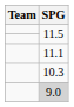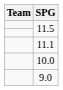 <table class=wikitable>
 <tr>
 <th>Team</th>
 <th>SPG</th>
 </tr>
 <tr>
 <td></td>
 <td align=center rowspan=2>11.5</td>
 </tr>
 <tr>
 <td></td>
 </tr>
 <tr>
 <td></td>
 <td align=center>11.1</td>
 </tr>
 <tr>
 <td></td>
-<td align=center>10.3</td>
+<td align=center>10.0</td>
 </tr>
 <tr>
 <td></td>
-<td align=center style="background: lightgrey;">9.0</td>
+<td align=center>9.0</td>
 </tr>
 </table>
